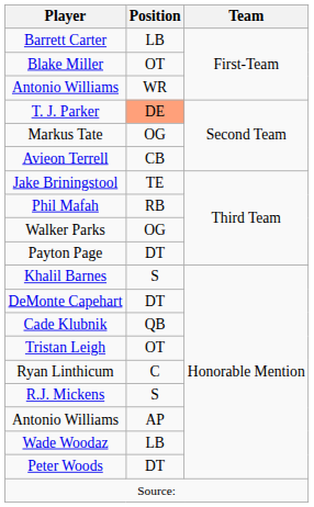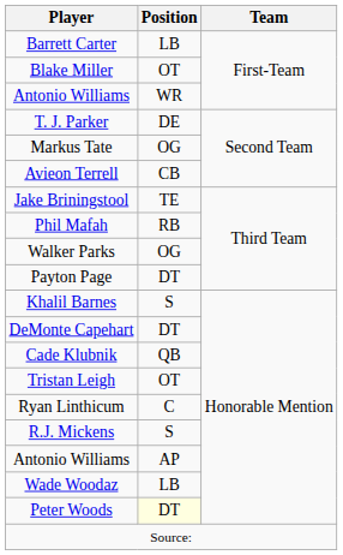 <table class="wikitable" style="text-align: center">
 <tr align=center>
 <th>Player</th>
 <th>Position</th>
 <th>Team</th>
 </tr>
 <tr>
 <td><a href='#'>Barrett Carter</a></td>
 <td>LB</td>
 <td rowspan=3>First-Team</td>
 </tr>
 <tr>
 <td><a href='#'>Blake Miller</a></td>
 <td>OT</td>
 </tr>
 <tr>
 <td><a href='#'>Antonio Williams</a></td>
 <td>WR</td>
 </tr>
 <tr>
 <td><a href='#'>T. J. Parker</a></td>
-<td style="background: lightsalmon;">DE</td>
+<td>DE</td>
 <td rowspan=3>Second Team</td>
 </tr>
 <tr>
 <td>Markus Tate</td>
 <td>OG</td>
 </tr>
 <tr>
 <td><a href='#'>Avieon Terrell</a></td>
 <td>CB</td>
 </tr>
 <tr>
 <td><a href='#'>Jake Briningstool</a></td>
 <td>TE</td>
 <td rowspan=4>Third Team</td>
 </tr>
 <tr>
 <td><a href='#'>Phil Mafah</a></td>
 <td>RB</td>
 </tr>
 <tr>
 <td>Walker Parks</td>
 <td>OG</td>
 </tr>
 <tr>
 <td>Payton Page</td>
 <td>DT</td>
 </tr>
 <tr>
 <td><a href='#'>Khalil Barnes</a></td>
 <td>S</td>
 <td rowspan=9>Honorable Mention</td>
 </tr>
 <tr>
 <td><a href='#'>DeMonte Capehart</a></td>
 <td>DT</td>
 </tr>
 <tr>
 <td><a href='#'>Cade Klubnik</a></td>
 <td>QB</td>
 </tr>
 <tr>
 <td><a href='#'>Tristan Leigh</a></td>
 <td>OT</td>
 </tr>
 <tr>
 <td>Ryan Linthicum</td>
 <td>C</td>
 </tr>
 <tr>
 <td><a href='#'>R.J. Mickens</a></td>
 <td>S</td>
 </tr>
 <tr>
 <td>Antonio Williams</td>
 <td>AP</td>
 </tr>
 <tr>
 <td><a href='#'>Wade Woodaz</a></td>
 <td>LB</td>
 </tr>
 <tr>
 <td><a href='#'>Peter Woods</a></td>
-<td>DT</td>
+<td style="background: lightyellow;">DT</td>
 </tr>
 <tr>
 <td colspan="3"><small>Source:</small></td>
 </tr>
 </table>
